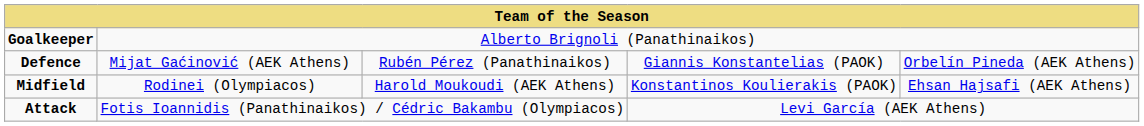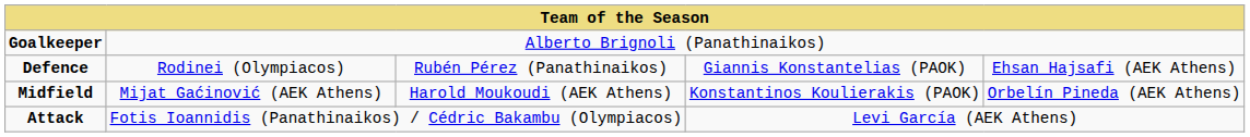 <table class="wikitable" style="text-align:center">
 <tr>
 <th colspan="13" style="background-color: #eedd82">Team of the Season</th>
 </tr>
 <tr>
 <td><strong>Goalkeeper</strong></td>
 <td colspan="4"> <a href='#'>Alberto Brignoli</a> (Panathinaikos)</td>
 </tr>
 <tr>
 <td><strong>Defence</strong></td>
-<td> <a href='#'>Mijat Gaćinović</a> (AEK Athens)</td>
+<td> <a href='#'>Rodinei</a> (Olympiacos)</td>
 <td> <a href='#'>Rubén Pérez</a> (Panathinaikos)</td>
 <td> <a href='#'>Giannis Konstantelias</a> (PAOK)</td>
-<td> <a href='#'>Orbelín Pineda</a> (AEK Athens)</td>
+<td> <a href='#'>Ehsan Hajsafi</a> (AEK Athens)</td>
 </tr>
 <tr>
 <td><strong>Midfield</strong></td>
-<td> <a href='#'>Rodinei</a> (Olympiacos)</td>
+<td> <a href='#'>Mijat Gaćinović</a> (AEK Athens)</td>
 <td> <a href='#'>Harold Moukoudi</a> (AEK Athens)</td>
 <td> <a href='#'>Konstantinos Koulierakis</a> (PAOK)</td>
-<td> <a href='#'>Ehsan Hajsafi</a> (AEK Athens)</td>
+<td> <a href='#'>Orbelín Pineda</a> (AEK Athens)</td>
 </tr>
 <tr>
 <td rowspan="2"><strong>Attack</strong></td>
 <td colspan="2"> <a href='#'>Fotis Ioannidis</a> (Panathinaikos) /  <a href='#'>Cédric Bakambu</a> (Olympiacos)</td>
 <td colspan="2"> <a href='#'>Levi García</a> (AEK Athens)</td>
 </tr>
 </table>
